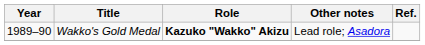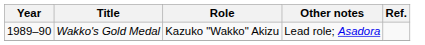 <table class="wikitable">
 <tr>
 <th>Year</th>
 <th>Title</th>
 <th>Role</th>
 <th>Other notes</th>
 <th>Ref.</th>
 </tr>
 <tr>
 <td>1989–90</td>
 <td><em>Wakko's Gold Medal</em></td>
-<td><strong>Kazuko "Wakko" Akizu</strong></td>
+<td>Kazuko "Wakko" Akizu</td>
 <td>Lead role; <em><a href='#'>Asadora</a></em></td>
 <td></td>
 </tr>
 <tr>
 </tr>
 </table>
